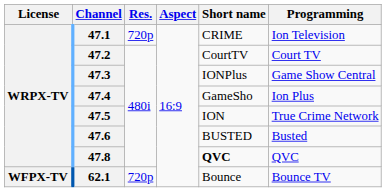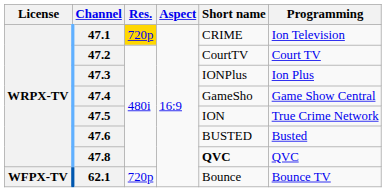 <table class="wikitable">
 <tr>
 <th scope = "col">License</th>
 <th scope = "col"><a href='#'>Channel</a></th>
 <th scope = "col"><a href='#'>Res.</a></th>
 <th scope = "col"><a href='#'>Aspect</a></th>
 <th scope = "col">Short name</th>
 <th scope = "col">Programming</th>
 </tr>
 <tr>
 <th rowspan = "7" scope = "row" style="border-right: 4px solid #60B0FF;">WRPX-TV</th>
 <th scope = "row">47.1</th>
-<td><a href='#'>720p</a></td>
+<td style="background: gold;"><a href='#'>720p</a></td>
 <td rowspan=8><a href='#'>16:9</a></td>
 <td>CRIME</td>
 <td><a href='#'>Ion Television</a></td>
 </tr>
 <tr>
 <th scope = "row">47.2</th>
 <td rowspan="6"><a href='#'>480i</a></td>
 <td>CourtTV</td>
 <td><a href='#'>Court TV</a></td>
 </tr>
 <tr>
 <th scope = "row">47.3</th>
 <td>IONPlus</td>
-<td><a href='#'>Game Show Central</a></td>
+<td><a href='#'>Ion Plus</a></td>
 </tr>
 <tr>
 <th scope = "row">47.4</th>
 <td>GameSho</td>
-<td><a href='#'>Ion Plus</a></td>
+<td><a href='#'>Game Show Central</a></td>
 </tr>
 <tr>
 <th scope = "row">47.5</th>
 <td>ION</td>
 <td><a href='#'>True Crime Network</a></td>
 </tr>
 <tr>
 <th scope = "row">47.6</th>
 <td>BUSTED</td>
 <td><a href='#'>Busted</a></td>
 </tr>
 <tr>
 <th scope = "row">47.8</th>
 <td><strong>QVC</strong></td>
 <td><a href='#'>QVC</a></td>
 </tr>
 <tr>
 <th scope = "row" style="border-right: 4px solid #0057AF;">WFPX-TV</th>
 <th scope = "row">62.1</th>
 <td><a href='#'>720p</a></td>
 <td>Bounce</td>
 <td><a href='#'>Bounce TV</a></td>
 </tr>
 </table>
